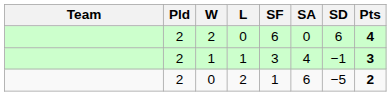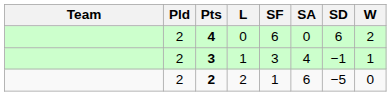 <table class="wikitable" style="text-align: center;">
 <tr>
 <th width=180>Team</th>
 <th width=30>Pld</th>
-<th width=30>W</th>
+<th width=30>Pts</th>
 <th width=30>L</th>
 <th width=30>SF</th>
 <th width=30>SA</th>
 <th width=30>SD</th>
-<th width=30>Pts</th>
+<th width=30>W</th>
 </tr>
 <tr bgcolor=#CCFFCC>
 <td style="text-align:left;"></td>
 <td>2</td>
-<td>2</td>
+<td><strong>4</strong></td>
 <td>0</td>
 <td>6</td>
 <td>0</td>
 <td>6</td>
-<td><strong>4</strong></td>
+<td>2</td>
 </tr>
 <tr bgcolor=#CCFFCC>
 <td style="text-align:left;"></td>
 <td>2</td>
-<td>1</td>
+<td><strong>3</strong></td>
 <td>1</td>
 <td>3</td>
 <td>4</td>
 <td>−1</td>
-<td><strong>3</strong></td>
+<td>1</td>
 </tr>
 <tr>
 <td style="text-align:left;"></td>
 <td>2</td>
-<td>0</td>
+<td><strong>2</strong></td>
 <td>2</td>
 <td>1</td>
 <td>6</td>
 <td>−5</td>
-<td><strong>2</strong></td>
+<td>0</td>
 </tr>
 </table>
